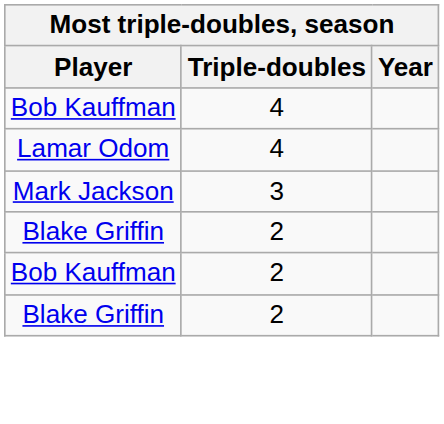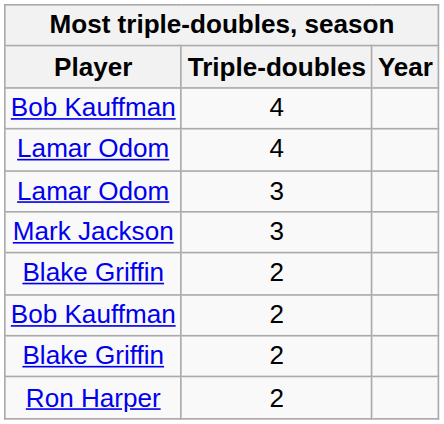 <table class="wikitable sortable" style="text-align:center">
 <tr>
 <th colspan="3">Most triple-doubles, season</th>
 </tr>
 <tr>
 <th>Player</th>
 <th>Triple-doubles</th>
 <th>Year</th>
 </tr>
 <tr>
 <td><a href='#'>Bob Kauffman</a></td>
 <td>4</td>
 <td></td>
 </tr>
 <tr>
 <td><a href='#'>Lamar Odom</a></td>
 <td>4</td>
+<td></td>
+</tr>
+<tr>
+<td><a href='#'>Lamar Odom</a></td>
+<td>3</td>
 <td></td>
 </tr>
 <tr>
 <td><a href='#'>Mark Jackson</a></td>
 <td>3</td>
 <td></td>
 </tr>
 <tr>
 <td><a href='#'>Blake Griffin</a></td>
 <td>2</td>
 <td></td>
 </tr>
 <tr>
 <td><a href='#'>Bob Kauffman</a></td>
 <td>2</td>
 <td></td>
 </tr>
 <tr>
 <td><a href='#'>Blake Griffin</a></td>
 <td>2</td>
 <td></td>
 </tr>
+<tr>
+<td><a href='#'>Ron Harper</a></td>
+<td>2</td>
+<td></td>
+</tr>
 </table>
